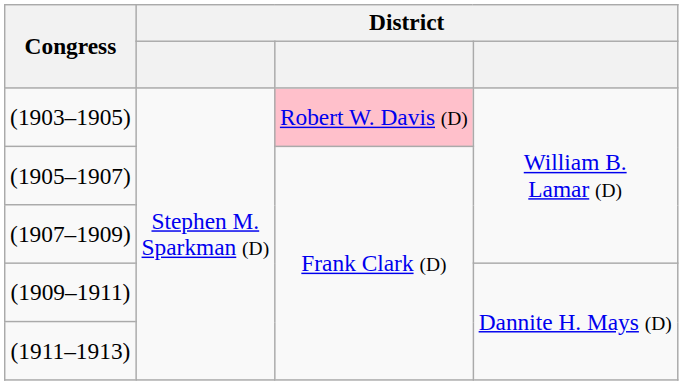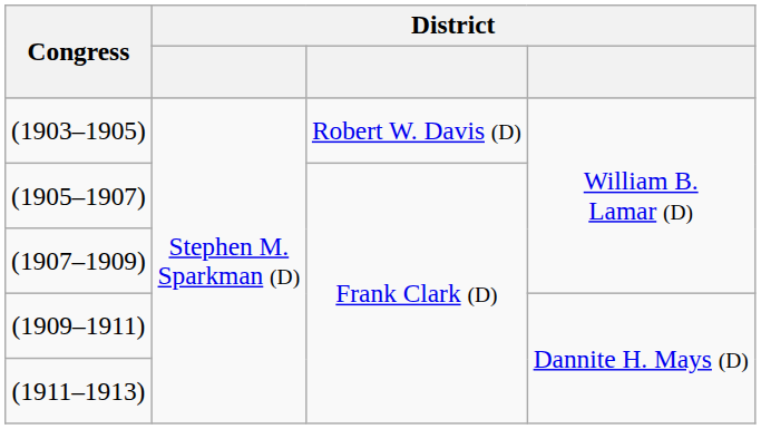 <table class=wikitable style="text-align:center">
 <tr>
 <th rowspan=2>Congress</th>
 <th colspan=3>District</th>
 </tr>
 <tr style="height:2em">
 <th></th>
 <th></th>
 <th></th>
 </tr>
 <tr style="height:2.5em">
 <td><strong></strong> (1903–1905)</td>
 <td rowspan=7 ><a href='#'>Stephen M.<br>Sparkman</a> <small>(D)</small></td>
-<td style="background: pink;"><a href='#'>Robert W. Davis</a> <small>(D)</small></td>
+<td><a href='#'>Robert W. Davis</a> <small>(D)</small></td>
 <td rowspan=3 ><a href='#'>William B.<br>Lamar</a> <small>(D)</small></td>
 </tr>
 <tr style="height:2.5em">
 <td><strong></strong> (1905–1907)</td>
 <td rowspan=4 ><a href='#'>Frank Clark</a> <small>(D)</small></td>
 </tr>
 <tr style="height:2.5em">
 <td><strong></strong> (1907–1909)</td>
 </tr>
 <tr style="height:2.5em">
 <td><strong></strong> (1909–1911)</td>
 <td rowspan=2 ><a href='#'>Dannite H. Mays</a> <small>(D)</small></td>
 </tr>
 <tr style="height:2.5em">
 <td><strong></strong> (1911–1913)</td>
 </tr>
 </table>
